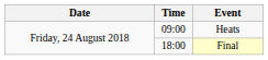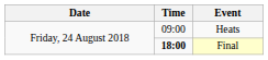 <table class = "wikitable" style="text-align:center;">
 <tr>
 <th width=220>Date</th>
 <th width=50>Time</th>
 <th width=100>Event</th>
 </tr>
 <tr>
 <td rowspan=2>Friday, 24 August 2018</td>
 <td>09:00</td>
 <td>Heats</td>
 </tr>
 <tr>
-<td>18:00</td>
+<td><strong>18:00</strong></td>
 <td bgcolor=ffffcc>Final</td>
 </tr>
 </table>
